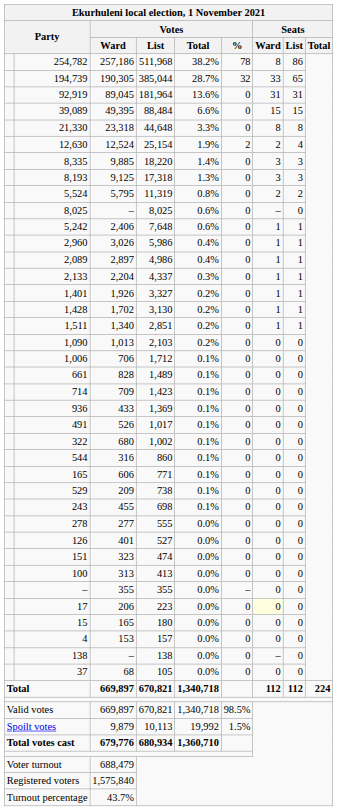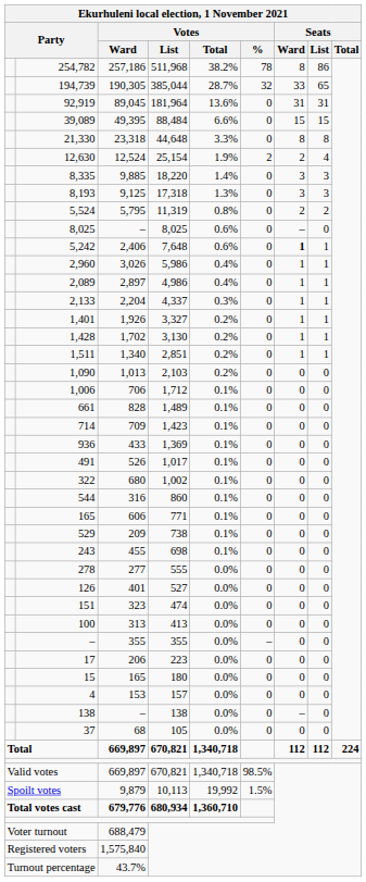 <table class=wikitable style="text-align:right">
 <tr>
 <th colspan="9" align="center">Ekurhuleni local election, 1 November 2021</th>
 </tr>
 <tr>
 <th rowspan="2" colspan="2">Party</th>
 <th colspan="4" align="center">Votes</th>
 <th colspan="3" align="center">Seats</th>
 </tr>
 <tr>
 <th>Ward</th>
 <th>List</th>
 <th>Total</th>
 <th>%</th>
 <th>Ward</th>
 <th>List</th>
 <th>Total</th>
 </tr>
 <tr>
 <td></td>
 <td>254,782</td>
 <td>257,186</td>
 <td>511,968</td>
 <td>38.2%</td>
 <td>78</td>
 <td>8</td>
 <td>86</td>
 </tr>
 <tr>
 <td></td>
 <td>194,739</td>
 <td>190,305</td>
 <td>385,044</td>
 <td>28.7%</td>
 <td>32</td>
 <td>33</td>
 <td>65</td>
 </tr>
 <tr>
 <td></td>
 <td>92,919</td>
 <td>89,045</td>
 <td>181,964</td>
 <td>13.6%</td>
 <td>0</td>
 <td>31</td>
 <td>31</td>
 </tr>
 <tr>
 <td></td>
 <td>39,089</td>
 <td>49,395</td>
 <td>88,484</td>
 <td>6.6%</td>
 <td>0</td>
 <td>15</td>
 <td>15</td>
 </tr>
 <tr>
 <td></td>
 <td>21,330</td>
 <td>23,318</td>
 <td>44,648</td>
 <td>3.3%</td>
 <td>0</td>
 <td>8</td>
 <td>8</td>
 </tr>
 <tr>
 <td></td>
 <td>12,630</td>
 <td>12,524</td>
 <td>25,154</td>
 <td>1.9%</td>
 <td>2</td>
 <td>2</td>
 <td>4</td>
 </tr>
 <tr>
 <td></td>
 <td>8,335</td>
 <td>9,885</td>
 <td>18,220</td>
 <td>1.4%</td>
 <td>0</td>
 <td>3</td>
 <td>3</td>
 </tr>
 <tr>
 <td></td>
 <td>8,193</td>
 <td>9,125</td>
 <td>17,318</td>
 <td>1.3%</td>
 <td>0</td>
 <td>3</td>
 <td>3</td>
 </tr>
 <tr>
 <td></td>
 <td>5,524</td>
 <td>5,795</td>
 <td>11,319</td>
 <td>0.8%</td>
 <td>0</td>
 <td>2</td>
 <td>2</td>
 </tr>
 <tr>
 <td></td>
 <td>8,025</td>
 <td>–</td>
 <td>8,025</td>
 <td>0.6%</td>
 <td>0</td>
 <td>–</td>
 <td>0</td>
 </tr>
 <tr>
 <td></td>
 <td>5,242</td>
 <td>2,406</td>
 <td>7,648</td>
 <td>0.6%</td>
 <td>0</td>
-<td>1</td>
+<td><strong>1</strong></td>
 <td>1</td>
 </tr>
 <tr>
 <td></td>
 <td>2,960</td>
 <td>3,026</td>
 <td>5,986</td>
 <td>0.4%</td>
 <td>0</td>
 <td>1</td>
 <td>1</td>
 </tr>
 <tr>
 <td></td>
 <td>2,089</td>
 <td>2,897</td>
 <td>4,986</td>
 <td>0.4%</td>
 <td>0</td>
 <td>1</td>
 <td>1</td>
 </tr>
 <tr>
 <td></td>
 <td>2,133</td>
 <td>2,204</td>
 <td>4,337</td>
 <td>0.3%</td>
 <td>0</td>
 <td>1</td>
 <td>1</td>
 </tr>
 <tr>
 <td></td>
 <td>1,401</td>
 <td>1,926</td>
 <td>3,327</td>
 <td>0.2%</td>
 <td>0</td>
 <td>1</td>
 <td>1</td>
 </tr>
 <tr>
 <td></td>
 <td>1,428</td>
 <td>1,702</td>
 <td>3,130</td>
 <td>0.2%</td>
 <td>0</td>
 <td>1</td>
 <td>1</td>
 </tr>
 <tr>
 <td></td>
 <td>1,511</td>
 <td>1,340</td>
 <td>2,851</td>
 <td>0.2%</td>
 <td>0</td>
 <td>1</td>
 <td>1</td>
 </tr>
 <tr>
 <td></td>
 <td>1,090</td>
 <td>1,013</td>
 <td>2,103</td>
 <td>0.2%</td>
 <td>0</td>
 <td>0</td>
 <td>0</td>
 </tr>
 <tr>
 <td></td>
 <td>1,006</td>
 <td>706</td>
 <td>1,712</td>
 <td>0.1%</td>
 <td>0</td>
 <td>0</td>
 <td>0</td>
 </tr>
 <tr>
 <td></td>
 <td>661</td>
 <td>828</td>
 <td>1,489</td>
 <td>0.1%</td>
 <td>0</td>
 <td>0</td>
 <td>0</td>
 </tr>
 <tr>
 <td></td>
 <td>714</td>
 <td>709</td>
 <td>1,423</td>
 <td>0.1%</td>
 <td>0</td>
 <td>0</td>
 <td>0</td>
 </tr>
 <tr>
 <td></td>
 <td>936</td>
 <td>433</td>
 <td>1,369</td>
 <td>0.1%</td>
 <td>0</td>
 <td>0</td>
 <td>0</td>
 </tr>
 <tr>
 <td></td>
 <td>491</td>
 <td>526</td>
 <td>1,017</td>
 <td>0.1%</td>
 <td>0</td>
 <td>0</td>
 <td>0</td>
 </tr>
 <tr>
 <td></td>
 <td>322</td>
 <td>680</td>
 <td>1,002</td>
 <td>0.1%</td>
 <td>0</td>
 <td>0</td>
 <td>0</td>
 </tr>
 <tr>
 <td></td>
 <td>544</td>
 <td>316</td>
 <td>860</td>
 <td>0.1%</td>
 <td>0</td>
 <td>0</td>
 <td>0</td>
 </tr>
 <tr>
 <td></td>
 <td>165</td>
 <td>606</td>
 <td>771</td>
 <td>0.1%</td>
 <td>0</td>
 <td>0</td>
 <td>0</td>
 </tr>
 <tr>
 <td></td>
 <td>529</td>
 <td>209</td>
 <td>738</td>
 <td>0.1%</td>
 <td>0</td>
 <td>0</td>
 <td>0</td>
 </tr>
 <tr>
 <td></td>
 <td>243</td>
 <td>455</td>
 <td>698</td>
 <td>0.1%</td>
 <td>0</td>
 <td>0</td>
 <td>0</td>
 </tr>
 <tr>
 <td></td>
 <td>278</td>
 <td>277</td>
 <td>555</td>
 <td>0.0%</td>
 <td>0</td>
 <td>0</td>
 <td>0</td>
 </tr>
 <tr>
 <td></td>
 <td>126</td>
 <td>401</td>
 <td>527</td>
 <td>0.0%</td>
 <td>0</td>
 <td>0</td>
 <td>0</td>
 </tr>
 <tr>
 <td></td>
 <td>151</td>
 <td>323</td>
 <td>474</td>
 <td>0.0%</td>
 <td>0</td>
 <td>0</td>
 <td>0</td>
 </tr>
 <tr>
 <td></td>
 <td>100</td>
 <td>313</td>
 <td>413</td>
 <td>0.0%</td>
 <td>0</td>
 <td>0</td>
 <td>0</td>
 </tr>
 <tr>
 <td></td>
 <td>–</td>
 <td>355</td>
 <td>355</td>
 <td>0.0%</td>
 <td>–</td>
 <td>0</td>
 <td>0</td>
 </tr>
 <tr>
 <td></td>
 <td>17</td>
 <td>206</td>
 <td>223</td>
 <td>0.0%</td>
 <td>0</td>
-<td style="background: lightyellow;">0</td>
+<td>0</td>
 <td>0</td>
 </tr>
 <tr>
 <td></td>
 <td>15</td>
 <td>165</td>
 <td>180</td>
 <td>0.0%</td>
 <td>0</td>
 <td>0</td>
 <td>0</td>
 </tr>
 <tr>
 <td></td>
 <td>4</td>
 <td>153</td>
 <td>157</td>
 <td>0.0%</td>
 <td>0</td>
 <td>0</td>
 <td>0</td>
 </tr>
 <tr>
 <td></td>
 <td>138</td>
 <td>–</td>
 <td>138</td>
 <td>0.0%</td>
 <td>0</td>
 <td>–</td>
 <td>0</td>
 </tr>
 <tr>
 <td></td>
 <td>37</td>
 <td>68</td>
 <td>105</td>
 <td>0.0%</td>
 <td>0</td>
 <td>0</td>
 <td>0</td>
 </tr>
 <tr>
 <td colspan="2" style="text-align:left"><strong>Total</strong></td>
 <td><strong>669,897</strong></td>
 <td><strong>670,821</strong></td>
 <td><strong>1,340,718</strong></td>
 <td></td>
 <td><strong>112</strong></td>
 <td><strong>112</strong></td>
 <td><strong>224</strong></td>
 </tr>
 <tr>
 <td colspan="9"></td>
 </tr>
 <tr>
 <td colspan="2" style="text-align:left">Valid votes</td>
 <td>669,897</td>
 <td>670,821</td>
 <td>1,340,718</td>
 <td>98.5%</td>
 </tr>
 <tr>
 <td colspan="2" style="text-align:left"><a href='#'>Spoilt votes</a></td>
 <td>9,879</td>
 <td>10,113</td>
 <td>19,992</td>
 <td>1.5%</td>
 </tr>
 <tr>
 <td colspan="2" style="text-align:left"><strong>Total votes cast</strong></td>
 <td><strong>679,776</strong></td>
 <td><strong>680,934</strong></td>
 <td><strong>1,360,710</strong></td>
 <td></td>
 </tr>
 <tr>
 <td colspan="6"></td>
 </tr>
 <tr>
 <td colspan="2" style="text-align:left">Voter turnout</td>
 <td>688,479</td>
 </tr>
 <tr>
 <td colspan="2" style="text-align:left">Registered voters</td>
 <td>1,575,840</td>
 </tr>
 <tr>
 <td colspan="2" style="text-align:left">Turnout percentage</td>
 <td>43.7%</td>
 </tr>
 </table>
